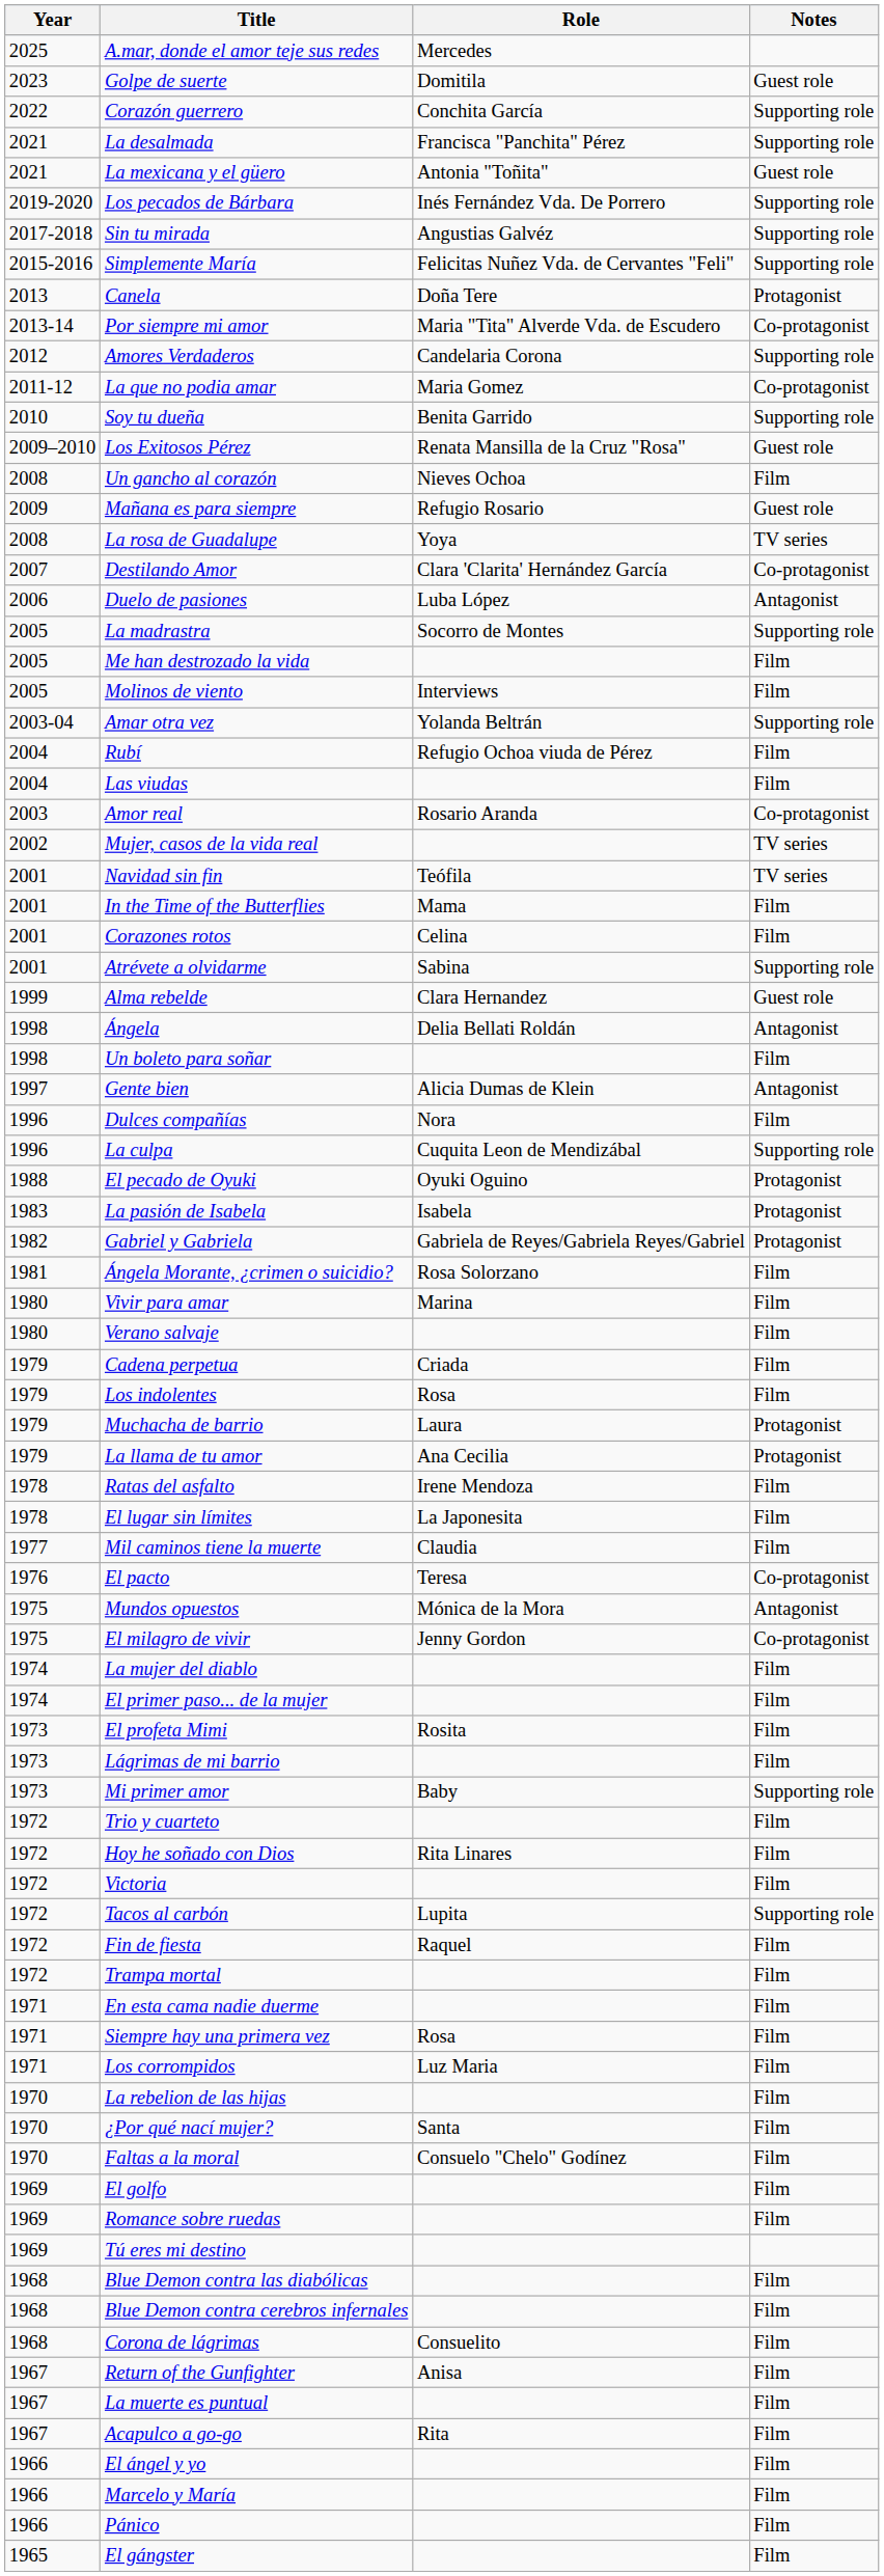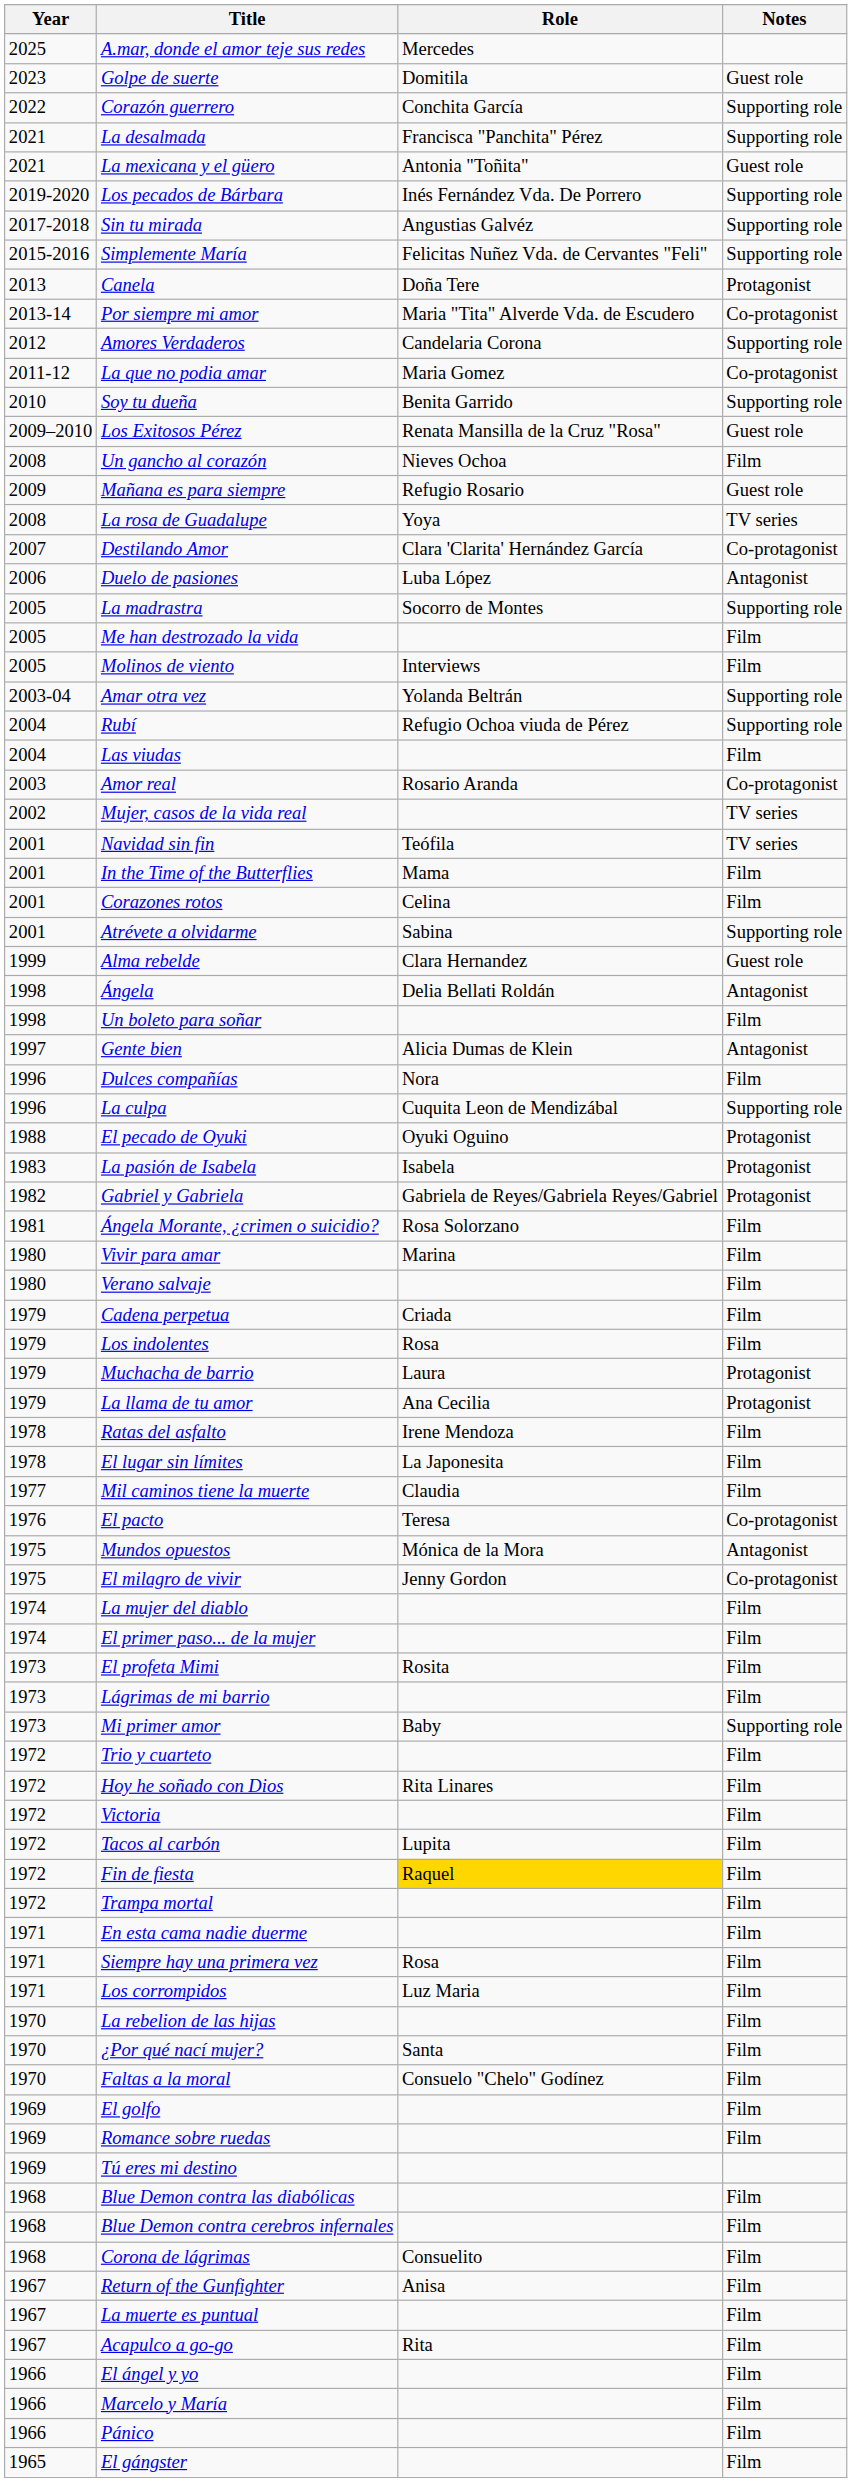 <table class="wikitable">
 <tr style="background:#b0c4de;">
 <th>Year</th>
 <th>Title</th>
 <th>Role</th>
 <th>Notes</th>
 </tr>
 <tr>
 <td>2025</td>
 <td><em><a href='#'>A.mar, donde el amor teje sus redes</a></em></td>
 <td>Mercedes</td>
 <td></td>
 </tr>
 <tr>
 <td>2023</td>
 <td><em><a href='#'>Golpe de suerte</a></em></td>
 <td>Domitila</td>
 <td>Guest role</td>
 </tr>
 <tr>
 <td>2022</td>
 <td><em><a href='#'>Corazón guerrero</a></em></td>
 <td>Conchita García</td>
 <td>Supporting role</td>
 </tr>
 <tr>
 <td>2021</td>
 <td><em><a href='#'>La desalmada</a></em></td>
 <td>Francisca "Panchita" Pérez</td>
 <td>Supporting role</td>
 </tr>
 <tr>
 <td>2021</td>
 <td><em><a href='#'>La mexicana y el güero</a></em></td>
 <td>Antonia "Toñita"</td>
 <td>Guest role</td>
 </tr>
 <tr>
 <td>2019-2020</td>
 <td><em><a href='#'>Los pecados de Bárbara</a></em></td>
 <td>Inés Fernández Vda. De Porrero</td>
 <td>Supporting role</td>
 </tr>
 <tr>
 <td>2017-2018</td>
 <td><em><a href='#'>Sin tu mirada</a></em></td>
 <td>Angustias Galvéz</td>
 <td>Supporting role</td>
 </tr>
 <tr>
 <td>2015-2016</td>
 <td><em><a href='#'>Simplemente María</a></em></td>
 <td>Felicitas Nuñez Vda. de Cervantes "Feli"</td>
 <td>Supporting role</td>
 </tr>
 <tr>
 <td>2013</td>
 <td><em><a href='#'>Canela</a></em></td>
 <td>Doña Tere</td>
 <td>Protagonist</td>
 </tr>
 <tr>
 <td>2013-14</td>
 <td><em><a href='#'>Por siempre mi amor</a></em></td>
 <td>Maria "Tita" Alverde Vda. de Escudero</td>
 <td>Co-protagonist</td>
 </tr>
 <tr>
 <td>2012</td>
 <td><em><a href='#'>Amores Verdaderos</a></em></td>
 <td>Candelaria Corona</td>
 <td>Supporting role</td>
 </tr>
 <tr>
 <td>2011-12</td>
 <td><em><a href='#'>La que no podia amar</a></em></td>
 <td>Maria Gomez</td>
 <td>Co-protagonist</td>
 </tr>
 <tr>
 <td>2010</td>
 <td><em><a href='#'>Soy tu dueña</a></em></td>
 <td>Benita Garrido</td>
 <td>Supporting role</td>
 </tr>
 <tr>
 <td>2009–2010</td>
 <td><em><a href='#'>Los Exitosos Pérez</a></em></td>
 <td>Renata Mansilla de la Cruz "Rosa"</td>
 <td>Guest role</td>
 </tr>
 <tr>
 <td>2008</td>
 <td><em><a href='#'>Un gancho al corazón</a></em></td>
 <td>Nieves Ochoa</td>
 <td>Film</td>
 </tr>
 <tr>
 <td>2009</td>
 <td><em><a href='#'>Mañana es para siempre</a></em></td>
 <td>Refugio Rosario</td>
 <td>Guest role</td>
 </tr>
 <tr>
 <td>2008</td>
 <td><em><a href='#'>La rosa de Guadalupe</a></em></td>
 <td>Yoya</td>
 <td>TV series</td>
 </tr>
 <tr>
 <td>2007</td>
 <td><em><a href='#'>Destilando Amor</a></em></td>
 <td>Clara 'Clarita' Hernández García</td>
 <td>Co-protagonist</td>
 </tr>
 <tr>
 <td>2006</td>
 <td><em><a href='#'>Duelo de pasiones</a></em></td>
 <td>Luba  López</td>
 <td>Antagonist</td>
 </tr>
 <tr>
 <td>2005</td>
 <td><em><a href='#'>La madrastra</a></em></td>
 <td>Socorro de Montes</td>
 <td>Supporting role</td>
 </tr>
 <tr>
 <td>2005</td>
 <td><em><a href='#'>Me han destrozado la vida</a></em></td>
 <td></td>
 <td>Film</td>
 </tr>
 <tr>
 <td>2005</td>
 <td><em><a href='#'>Molinos de viento</a></em></td>
 <td>Interviews</td>
 <td>Film</td>
 </tr>
 <tr>
 <td>2003-04</td>
 <td><em><a href='#'>Amar otra vez</a></em></td>
 <td>Yolanda Beltrán</td>
 <td>Supporting role</td>
 </tr>
 <tr>
 <td>2004</td>
 <td><em><a href='#'>Rubí</a></em></td>
 <td>Refugio Ochoa viuda de Pérez</td>
-<td>Film</td>
+<td>Supporting role</td>
 </tr>
 <tr>
 <td>2004</td>
 <td><em><a href='#'>Las viudas</a></em></td>
 <td></td>
 <td>Film</td>
 </tr>
 <tr>
 <td>2003</td>
 <td><em><a href='#'>Amor real</a></em></td>
 <td>Rosario Aranda</td>
 <td>Co-protagonist</td>
 </tr>
 <tr>
 <td>2002</td>
 <td><em><a href='#'>Mujer, casos de la vida real</a></em></td>
 <td></td>
 <td>TV series</td>
 </tr>
 <tr>
 <td>2001</td>
 <td><em><a href='#'>Navidad sin fin</a></em></td>
 <td>Teófila</td>
 <td>TV series</td>
 </tr>
 <tr>
 <td>2001</td>
 <td><em><a href='#'>In the Time of the Butterflies</a></em></td>
 <td>Mama</td>
 <td>Film</td>
 </tr>
 <tr>
 <td>2001</td>
 <td><em><a href='#'>Corazones rotos</a></em></td>
 <td>Celina</td>
 <td>Film</td>
 </tr>
 <tr>
 <td>2001</td>
 <td><em><a href='#'>Atrévete a olvidarme</a></em></td>
 <td>Sabina</td>
 <td>Supporting role</td>
 </tr>
 <tr>
 <td>1999</td>
 <td><em><a href='#'>Alma rebelde</a></em></td>
 <td>Clara Hernandez</td>
 <td>Guest role</td>
 </tr>
 <tr>
 <td>1998</td>
 <td><em><a href='#'>Ángela</a></em></td>
 <td>Delia Bellati Roldán</td>
 <td>Antagonist</td>
 </tr>
 <tr>
 <td>1998</td>
 <td><em><a href='#'>Un boleto para soñar</a></em></td>
 <td></td>
 <td>Film</td>
 </tr>
 <tr>
 <td>1997</td>
 <td><em><a href='#'>Gente bien</a></em></td>
 <td>Alicia Dumas de Klein</td>
 <td>Antagonist</td>
 </tr>
 <tr>
 <td>1996</td>
 <td><em><a href='#'>Dulces compañías</a></em></td>
 <td>Nora</td>
 <td>Film</td>
 </tr>
 <tr>
 <td>1996</td>
 <td><em><a href='#'>La culpa</a></em></td>
 <td>Cuquita Leon de Mendizábal</td>
 <td>Supporting role</td>
 </tr>
 <tr>
 <td>1988</td>
 <td><em><a href='#'>El pecado de Oyuki</a></em></td>
 <td>Oyuki Oguino</td>
 <td>Protagonist</td>
 </tr>
 <tr>
 <td>1983</td>
 <td><em><a href='#'>La pasión de Isabela</a></em></td>
 <td>Isabela</td>
 <td>Protagonist</td>
 </tr>
 <tr>
 <td>1982</td>
 <td><em><a href='#'>Gabriel y Gabriela</a></em></td>
 <td>Gabriela de Reyes/Gabriela Reyes/Gabriel</td>
 <td>Protagonist</td>
 </tr>
 <tr>
 <td>1981</td>
 <td><em><a href='#'>Ángela Morante, ¿crimen o suicidio?</a></em></td>
 <td>Rosa Solorzano</td>
 <td>Film</td>
 </tr>
 <tr>
 <td>1980</td>
 <td><em><a href='#'>Vivir para amar</a></em></td>
 <td>Marina</td>
 <td>Film</td>
 </tr>
 <tr>
 <td>1980</td>
 <td><em><a href='#'>Verano salvaje</a></em></td>
 <td></td>
 <td>Film</td>
 </tr>
 <tr>
 <td>1979</td>
 <td><em><a href='#'>Cadena perpetua</a></em></td>
 <td>Criada</td>
 <td>Film</td>
 </tr>
 <tr>
 <td>1979</td>
 <td><em><a href='#'>Los indolentes</a></em></td>
 <td>Rosa</td>
 <td>Film</td>
 </tr>
 <tr>
 <td>1979</td>
 <td><em><a href='#'>Muchacha de barrio</a></em></td>
 <td>Laura</td>
 <td>Protagonist</td>
 </tr>
 <tr>
 <td>1979</td>
 <td><em><a href='#'>La llama de tu amor</a></em></td>
 <td>Ana Cecilia</td>
 <td>Protagonist</td>
 </tr>
 <tr>
 <td>1978</td>
 <td><em><a href='#'>Ratas del asfalto</a></em></td>
 <td>Irene Mendoza</td>
 <td>Film</td>
 </tr>
 <tr>
 <td>1978</td>
 <td><em><a href='#'>El lugar sin límites</a></em></td>
 <td>La Japonesita</td>
 <td>Film</td>
 </tr>
 <tr>
 <td>1977</td>
 <td><em><a href='#'>Mil caminos tiene la muerte</a></em></td>
 <td>Claudia</td>
 <td>Film</td>
 </tr>
 <tr>
 <td>1976</td>
 <td><em><a href='#'>El pacto</a></em></td>
 <td>Teresa</td>
 <td>Co-protagonist</td>
 </tr>
 <tr>
 <td>1975</td>
 <td><em><a href='#'>Mundos opuestos</a></em></td>
 <td>Mónica de la Mora</td>
 <td>Antagonist</td>
 </tr>
 <tr>
 <td>1975</td>
 <td><em><a href='#'>El milagro de vivir</a></em></td>
 <td>Jenny Gordon</td>
 <td>Co-protagonist</td>
 </tr>
 <tr>
 <td>1974</td>
 <td><em><a href='#'>La mujer del diablo</a></em></td>
 <td></td>
 <td>Film</td>
 </tr>
 <tr>
 <td>1974</td>
 <td><em><a href='#'>El primer paso... de la mujer</a></em></td>
 <td></td>
 <td>Film</td>
 </tr>
 <tr>
 <td>1973</td>
 <td><em><a href='#'>El profeta Mimi</a></em></td>
 <td>Rosita</td>
 <td>Film</td>
 </tr>
 <tr>
 <td>1973</td>
 <td><em><a href='#'>Lágrimas de mi barrio</a></em></td>
 <td></td>
 <td>Film</td>
 </tr>
 <tr>
 <td>1973</td>
 <td><em><a href='#'>Mi primer amor</a></em></td>
 <td>Baby</td>
 <td>Supporting role</td>
 </tr>
 <tr>
 <td>1972</td>
 <td><em><a href='#'>Trio y cuarteto</a></em></td>
 <td></td>
 <td>Film</td>
 </tr>
 <tr>
 <td>1972</td>
 <td><em><a href='#'>Hoy he soñado con Dios</a></em></td>
 <td>Rita Linares</td>
 <td>Film</td>
 </tr>
 <tr>
 <td>1972</td>
 <td><em><a href='#'>Victoria</a></em></td>
 <td></td>
 <td>Film</td>
 </tr>
 <tr>
 <td>1972</td>
 <td><em><a href='#'>Tacos al carbón</a></em></td>
 <td>Lupita</td>
-<td>Supporting role</td>
+<td>Film</td>
 </tr>
 <tr>
 <td>1972</td>
 <td><em><a href='#'>Fin de fiesta</a></em></td>
-<td>Raquel</td>
+<td style="background: gold;">Raquel</td>
 <td>Film</td>
 </tr>
 <tr>
 <td>1972</td>
 <td><em><a href='#'>Trampa mortal</a></em></td>
 <td></td>
 <td>Film</td>
 </tr>
 <tr>
 <td>1971</td>
 <td><em><a href='#'>En esta cama nadie duerme</a></em></td>
 <td></td>
 <td>Film</td>
 </tr>
 <tr>
 <td>1971</td>
 <td><em><a href='#'>Siempre hay una primera vez</a></em></td>
 <td>Rosa</td>
 <td>Film</td>
 </tr>
 <tr>
 <td>1971</td>
 <td><em><a href='#'>Los corrompidos</a></em></td>
 <td>Luz Maria</td>
 <td>Film</td>
 </tr>
 <tr>
 <td>1970</td>
 <td><em><a href='#'>La rebelion de las hijas</a></em></td>
 <td></td>
 <td>Film</td>
 </tr>
 <tr>
 <td>1970</td>
 <td><em><a href='#'>¿Por qué nací mujer?</a></em></td>
 <td>Santa</td>
 <td>Film</td>
 </tr>
 <tr>
 <td>1970</td>
 <td><em><a href='#'>Faltas a la moral</a></em></td>
 <td>Consuelo "Chelo" Godínez</td>
 <td>Film</td>
 </tr>
 <tr>
 <td>1969</td>
 <td><em><a href='#'>El golfo</a></em></td>
 <td></td>
 <td>Film</td>
 </tr>
 <tr>
 <td>1969</td>
 <td><em><a href='#'>Romance sobre ruedas</a></em></td>
 <td></td>
 <td>Film</td>
 </tr>
 <tr>
 <td>1969</td>
 <td><em><a href='#'>Tú eres mi destino</a></em></td>
 <td></td>
 <td></td>
 </tr>
 <tr>
 <td>1968</td>
 <td><em><a href='#'>Blue Demon contra las diabólicas</a></em></td>
 <td></td>
 <td>Film</td>
 </tr>
 <tr>
 <td>1968</td>
 <td><em><a href='#'>Blue Demon contra cerebros infernales</a></em></td>
 <td></td>
 <td>Film</td>
 </tr>
 <tr>
 <td>1968</td>
 <td><em><a href='#'>Corona de lágrimas</a></em></td>
 <td>Consuelito</td>
 <td>Film</td>
 </tr>
 <tr>
 <td>1967</td>
 <td><em><a href='#'>Return of the Gunfighter</a></em></td>
 <td>Anisa</td>
 <td>Film</td>
 </tr>
 <tr>
 <td>1967</td>
 <td><em><a href='#'>La muerte es puntual</a></em></td>
 <td></td>
 <td>Film</td>
 </tr>
 <tr>
 <td>1967</td>
 <td><em><a href='#'>Acapulco a go-go</a></em></td>
 <td>Rita</td>
 <td>Film</td>
 </tr>
 <tr>
 <td>1966</td>
 <td><em><a href='#'>El ángel y yo</a></em></td>
 <td></td>
 <td>Film</td>
 </tr>
 <tr>
 <td>1966</td>
 <td><em><a href='#'>Marcelo y María</a></em></td>
 <td></td>
 <td>Film</td>
 </tr>
 <tr>
 <td>1966</td>
 <td><em><a href='#'>Pánico</a></em></td>
 <td></td>
 <td>Film</td>
 </tr>
 <tr>
 <td>1965</td>
 <td><em><a href='#'>El gángster</a></em></td>
 <td></td>
 <td>Film</td>
 </tr>
 <tr>
 </tr>
 </table>
